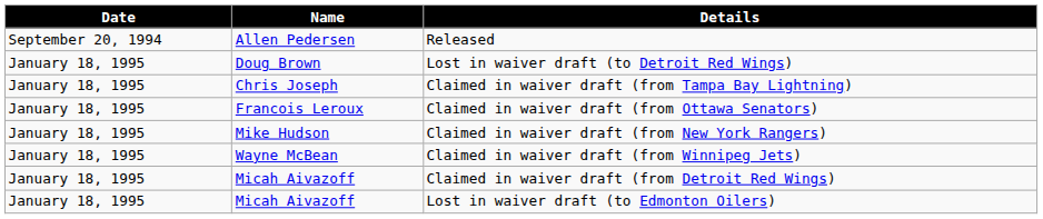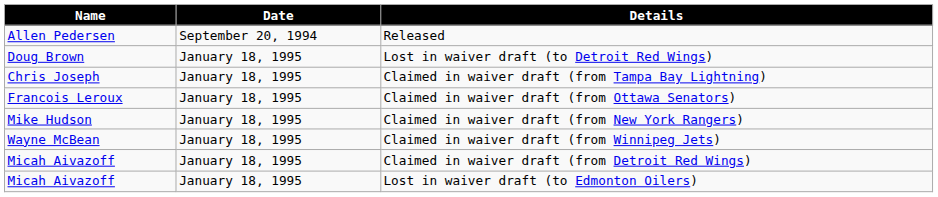 <table class="wikitable" style="width:75%;">
 <tr style="text-align:center; background:#ddd;">
+<th style="color:white; background:#000000; ">Name</th>
 <th style="color:white; background:#000000; ">Date</th>
-<th style="color:white; background:#000000; ">Name</th>
 <th style="color:white; background:#000000; ">Details</th>
 </tr>
 <tr>
+<td><a href='#'>Allen Pedersen</a></td>
 <td>September 20, 1994</td>
-<td><a href='#'>Allen Pedersen</a></td>
 <td>Released</td>
 </tr>
 <tr>
+<td><a href='#'>Doug Brown</a></td>
 <td>January 18, 1995</td>
-<td><a href='#'>Doug Brown</a></td>
 <td>Lost in waiver draft (to <a href='#'>Detroit Red Wings</a>)</td>
 </tr>
 <tr>
+<td><a href='#'>Chris Joseph</a></td>
 <td>January 18, 1995</td>
-<td><a href='#'>Chris Joseph</a></td>
 <td>Claimed in waiver draft (from <a href='#'>Tampa Bay Lightning</a>)</td>
 </tr>
 <tr>
+<td><a href='#'>Francois Leroux</a></td>
 <td>January 18, 1995</td>
-<td><a href='#'>Francois Leroux</a></td>
 <td>Claimed in waiver draft (from <a href='#'>Ottawa Senators</a>)</td>
 </tr>
 <tr>
+<td><a href='#'>Mike Hudson</a></td>
 <td>January 18, 1995</td>
-<td><a href='#'>Mike Hudson</a></td>
 <td>Claimed in waiver draft (from <a href='#'>New York Rangers</a>)</td>
 </tr>
 <tr>
+<td><a href='#'>Wayne McBean</a></td>
 <td>January 18, 1995</td>
-<td><a href='#'>Wayne McBean</a></td>
 <td>Claimed in waiver draft (from <a href='#'>Winnipeg Jets</a>)</td>
 </tr>
 <tr>
+<td><a href='#'>Micah Aivazoff</a></td>
 <td>January 18, 1995</td>
-<td><a href='#'>Micah Aivazoff</a></td>
 <td>Claimed in waiver draft (from <a href='#'>Detroit Red Wings</a>)</td>
 </tr>
 <tr>
+<td><a href='#'>Micah Aivazoff</a></td>
 <td>January 18, 1995</td>
-<td><a href='#'>Micah Aivazoff</a></td>
 <td>Lost in waiver draft (to <a href='#'>Edmonton Oilers</a>)</td>
 </tr>
 </table>
